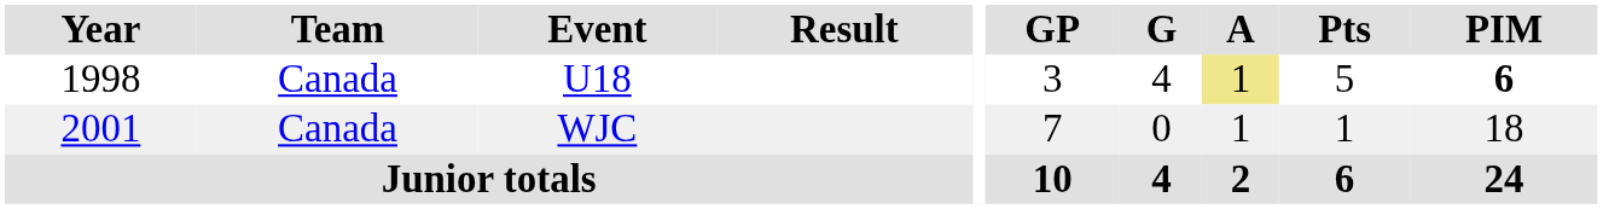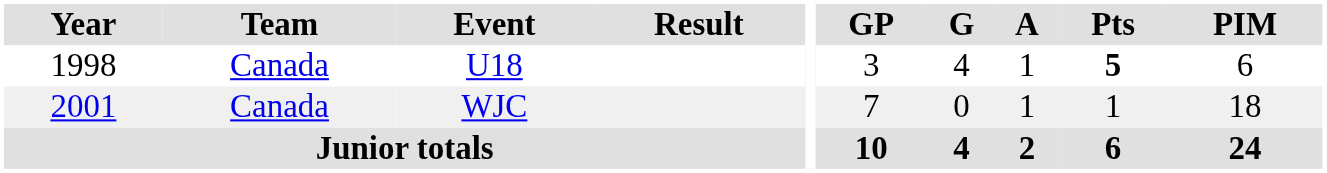 <table border="0" cellpadding="1" cellspacing="0" ID="Table3" style="text-align:center; width:40em">
 <tr ALIGN="center" bgcolor="#e0e0e0">
 <th>Year</th>
 <th>Team</th>
 <th>Event</th>
 <th>Result</th>
 <th rowspan="99" bgcolor="#ffffff"></th>
 <th>GP</th>
 <th>G</th>
 <th>A</th>
 <th>Pts</th>
 <th>PIM</th>
 </tr>
 <tr>
 <td>1998</td>
 <td><a href='#'>Canada</a></td>
 <td><a href='#'>U18</a></td>
 <td></td>
 <td>3</td>
 <td>4</td>
-<td style="background: khaki;">1</td>
-<td>5</td>
-<td><strong>6</strong></td>
+<td>1</td>
+<td><strong>5</strong></td>
+<td>6</td>
 </tr>
 <tr bgcolor="#f0f0f0">
 <td><a href='#'>2001</a></td>
 <td><a href='#'>Canada</a></td>
 <td><a href='#'>WJC</a></td>
 <td></td>
 <td>7</td>
 <td>0</td>
 <td>1</td>
 <td>1</td>
 <td>18</td>
 </tr>
 <tr bgcolor="#e0e0e0">
 <th colspan="4">Junior totals</th>
 <th>10</th>
 <th>4</th>
 <th>2</th>
 <th>6</th>
 <th>24</th>
 </tr>
 </table>
